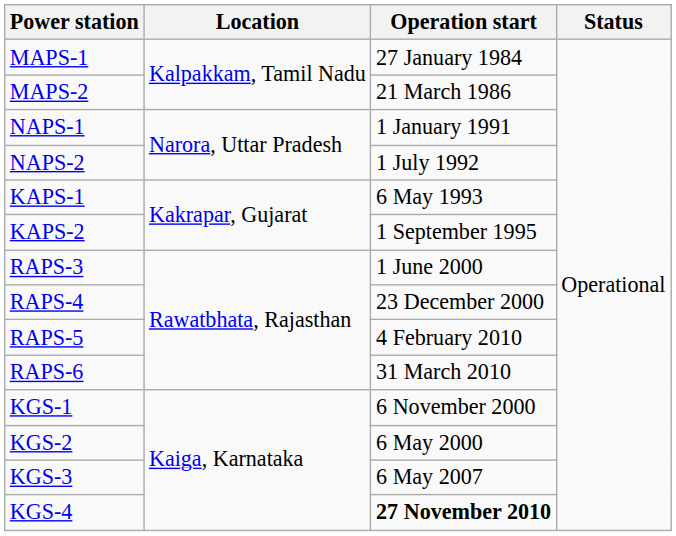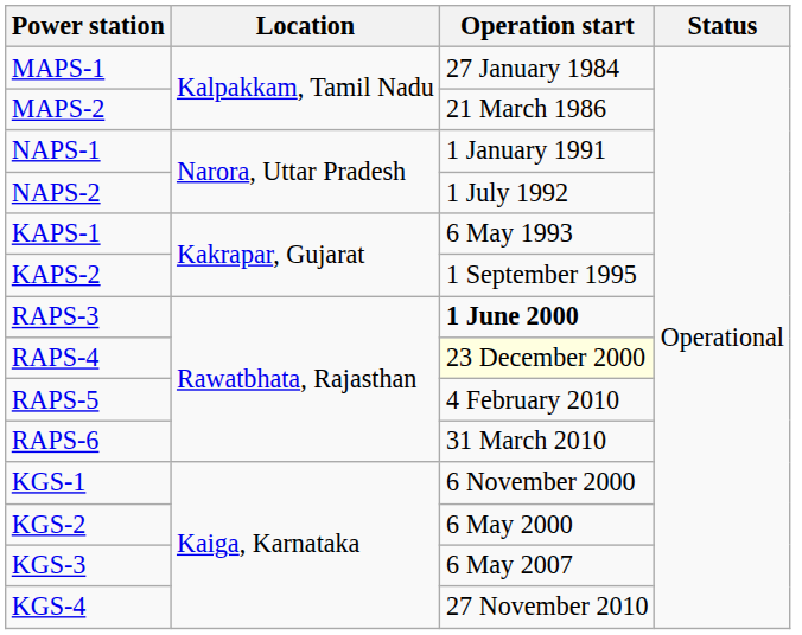 <table class="wikitable">
 <tr>
 <th>Power station</th>
 <th>Location</th>
 <th>Operation start</th>
 <th>Status</th>
 </tr>
 <tr>
 <td><a href='#'>MAPS-1</a></td>
 <td rowspan="2"><a href='#'>Kalpakkam</a>, Tamil Nadu</td>
 <td>27 January 1984</td>
 <td rowspan="14">Operational</td>
 </tr>
 <tr>
 <td><a href='#'>MAPS-2</a></td>
 <td>21 March 1986</td>
 </tr>
 <tr>
 <td><a href='#'>NAPS-1</a></td>
 <td rowspan="2"><a href='#'>Narora</a>, Uttar Pradesh</td>
 <td>1 January 1991</td>
 </tr>
 <tr>
 <td><a href='#'>NAPS-2</a></td>
 <td>1 July 1992</td>
 </tr>
 <tr>
 <td><a href='#'>KAPS-1</a></td>
 <td rowspan="2"><a href='#'>Kakrapar</a>, Gujarat</td>
 <td>6 May 1993</td>
 </tr>
 <tr>
 <td><a href='#'>KAPS-2</a></td>
 <td>1 September 1995</td>
 </tr>
 <tr>
 <td><a href='#'>RAPS-3</a></td>
 <td rowspan="4"><a href='#'>Rawatbhata</a>, Rajasthan</td>
-<td>1 June 2000</td>
+<td><strong>1 June 2000</strong></td>
 </tr>
 <tr>
 <td><a href='#'>RAPS-4</a></td>
-<td>23 December 2000</td>
+<td style="background: lightyellow;">23 December 2000</td>
 </tr>
 <tr>
 <td><a href='#'>RAPS-5</a></td>
 <td>4 February 2010</td>
 </tr>
 <tr>
 <td><a href='#'>RAPS-6</a></td>
 <td>31 March 2010</td>
 </tr>
 <tr>
 <td><a href='#'>KGS-1</a></td>
 <td rowspan="4"><a href='#'>Kaiga</a>, Karnataka</td>
 <td>6 November 2000</td>
 </tr>
 <tr>
 <td><a href='#'>KGS-2</a></td>
 <td>6 May 2000</td>
 </tr>
 <tr>
 <td><a href='#'>KGS-3</a></td>
 <td>6 May 2007</td>
 </tr>
 <tr>
 <td><a href='#'>KGS-4</a></td>
-<td><strong>27 November 2010</strong></td>
+<td>27 November 2010</td>
 </tr>
 </table>
